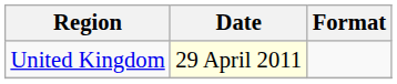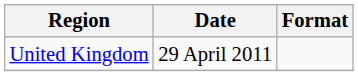 <table class=wikitable>
 <tr>
 <th>Region</th>
 <th>Date</th>
 <th>Format</th>
 </tr>
 <tr>
 <td align="center"><a href='#'>United Kingdom</a></td>
-<td style="background: lightyellow;">29 April 2011</td>
+<td>29 April 2011</td>
 <td></td>
 </tr>
 <tr>
 </tr>
 </table>
